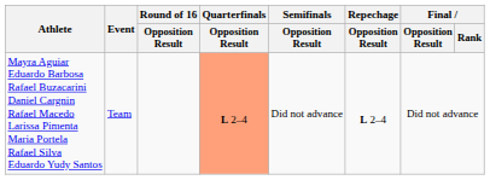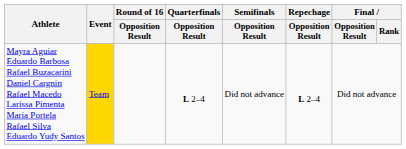 <table class="wikitable" style="font-size:90%">
 <tr>
 <th rowspan="2">Athlete</th>
 <th rowspan="2">Event</th>
 <th>Round of 16</th>
 <th>Quarterfinals</th>
 <th>Semifinals</th>
 <th>Repechage</th>
 <th colspan=2>Final / </th>
 </tr>
 <tr style="font-size:95%">
 <th>Opposition<br>Result</th>
 <th>Opposition<br>Result</th>
 <th>Opposition<br>Result</th>
 <th>Opposition<br>Result</th>
 <th>Opposition<br>Result</th>
 <th>Rank</th>
 </tr>
 <tr align=center>
 <td align=left><a href='#'>Mayra Aguiar</a><br><a href='#'>Eduardo Barbosa</a><br><a href='#'>Rafael Buzacarini</a><br><a href='#'>Daniel Cargnin</a><br><a href='#'>Rafael Macedo</a><br><a href='#'>Larissa Pimenta</a><br><a href='#'>Maria Portela</a><br><a href='#'>Rafael Silva</a><br><a href='#'>Eduardo Yudy Santos</a></td>
-<td align=left><a href='#'>Team</a></td>
+<td align=left style="background: gold;"><a href='#'>Team</a></td>
 <td></td>
-<td style="background: lightsalmon;"><br><strong>L</strong> 2–4</td>
+<td><br><strong>L</strong> 2–4</td>
 <td>Did not advance</td>
 <td><br><strong>L</strong> 2–4</td>
 <td colspan=2>Did not advance</td>
 </tr>
 </table>
